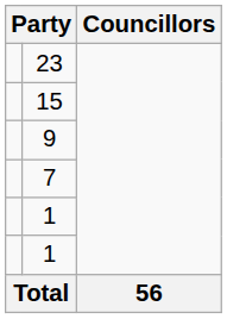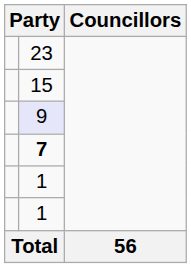 <table class="wikitable">
 <tr>
 <th colspan=2>Party</th>
 <th>Councillors</th>
 </tr>
 <tr>
 <td></td>
 <td align=center>23</td>
 </tr>
 <tr>
 <td></td>
 <td align=center>15</td>
 </tr>
 <tr>
 <td></td>
-<td align=center>9</td>
+<td align=center style="background: lavender;">9</td>
 </tr>
 <tr>
 <td></td>
-<td align=center>7</td>
+<td align=center><strong>7</strong></td>
 </tr>
 <tr>
 <td></td>
 <td align=center>1</td>
 </tr>
 <tr>
 <td></td>
 <td align=center>1</td>
 </tr>
 <tr>
 <th colspan=2>Total</th>
 <th align=center>56</th>
 </tr>
 </table>
